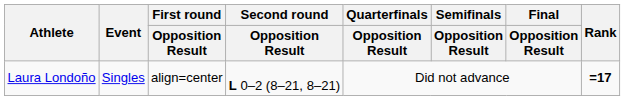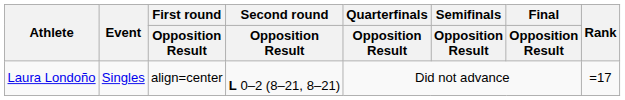 <table class=wikitable style=font-size:90%;text-align:center>
 <tr>
 <th rowspan="2">Athlete</th>
 <th rowspan="2">Event</th>
 <th>First round</th>
 <th>Second round</th>
 <th>Quarterfinals</th>
 <th>Semifinals</th>
 <th>Final</th>
 <th rowspan="2">Rank</th>
 </tr>
 <tr>
 <th>Opposition<br>Result</th>
 <th>Opposition<br>Result</th>
 <th>Opposition<br>Result</th>
 <th>Opposition<br>Result</th>
 <th>Opposition<br>Result</th>
 </tr>
 <tr>
 <td align=left><a href='#'>Laura Londoño</a></td>
 <td><a href='#'>Singles</a></td>
 <td>align=center </td>
 <td><br><strong>L</strong> 0–2 (8–21, 8–21)</td>
 <td colspan=3>Did not advance</td>
-<td><strong>=17</strong></td>
+<td>=17</td>
 </tr>
 </table>
